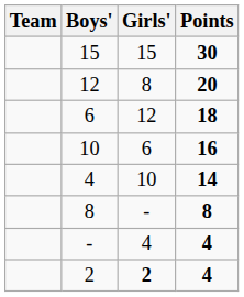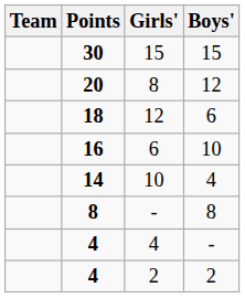 <table class=wikitable style="text-align:center">
 <tr>
 <th>Team</th>
+<th>Points</th>
+<th>Girls'</th>
 <th>Boys'</th>
-<th>Girls'</th>
-<th>Points</th>
 </tr>
 <tr>
 <td align=left></td>
+<td><strong>30</strong></td>
 <td>15</td>
 <td>15</td>
-<td><strong>30</strong></td>
 </tr>
 <tr>
 <td align=left></td>
+<td><strong>20</strong></td>
+<td>8</td>
 <td>12</td>
-<td>8</td>
-<td><strong>20</strong></td>
 </tr>
 <tr>
 <td align=left></td>
+<td><strong>18</strong></td>
+<td>12</td>
 <td>6</td>
-<td>12</td>
-<td><strong>18</strong></td>
 </tr>
 <tr>
 <td align=left></td>
+<td><strong>16</strong></td>
+<td>6</td>
 <td>10</td>
-<td>6</td>
-<td><strong>16</strong></td>
 </tr>
 <tr>
 <td align=left></td>
+<td><strong>14</strong></td>
+<td>10</td>
 <td>4</td>
-<td>10</td>
-<td><strong>14</strong></td>
 </tr>
 <tr>
 <td align=left></td>
+<td><strong>8</strong></td>
+<td>-</td>
 <td>8</td>
-<td>-</td>
-<td><strong>8</strong></td>
 </tr>
 <tr>
 <td align=left></td>
+<td><strong>4</strong></td>
+<td>4</td>
 <td>-</td>
-<td>4</td>
-<td><strong>4</strong></td>
 </tr>
 <tr>
 <td align=left></td>
+<td><strong>4</strong></td>
 <td>2</td>
-<td><strong>2</strong></td>
-<td><strong>4</strong></td>
+<td>2</td>
 </tr>
 </table>
